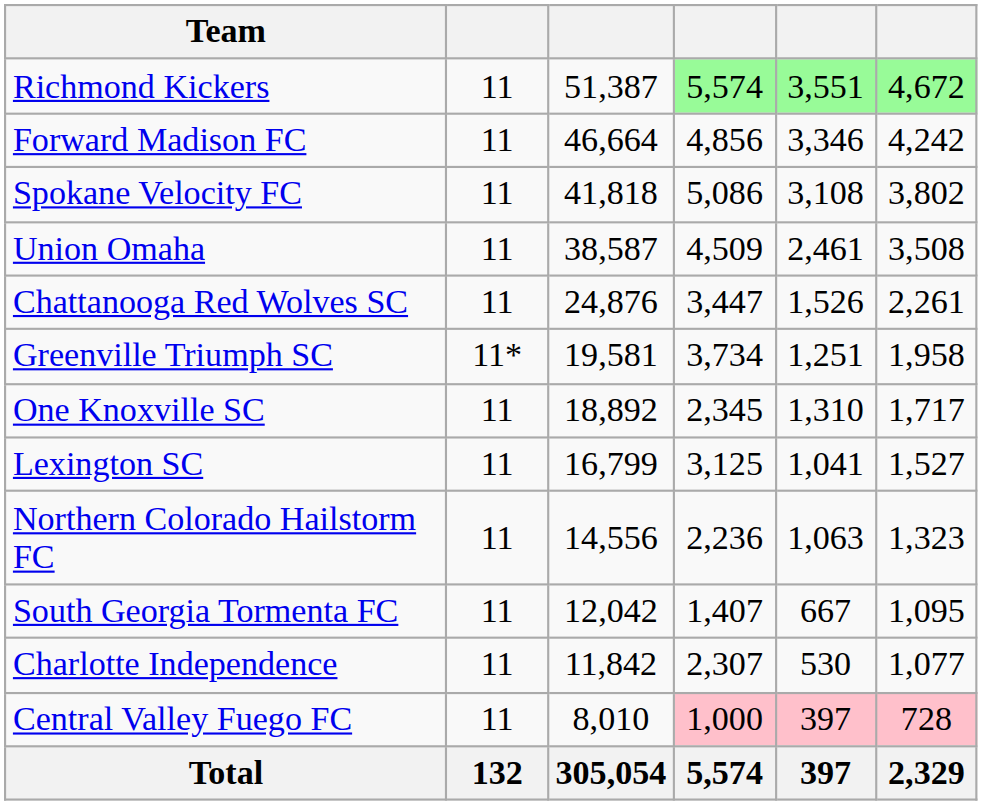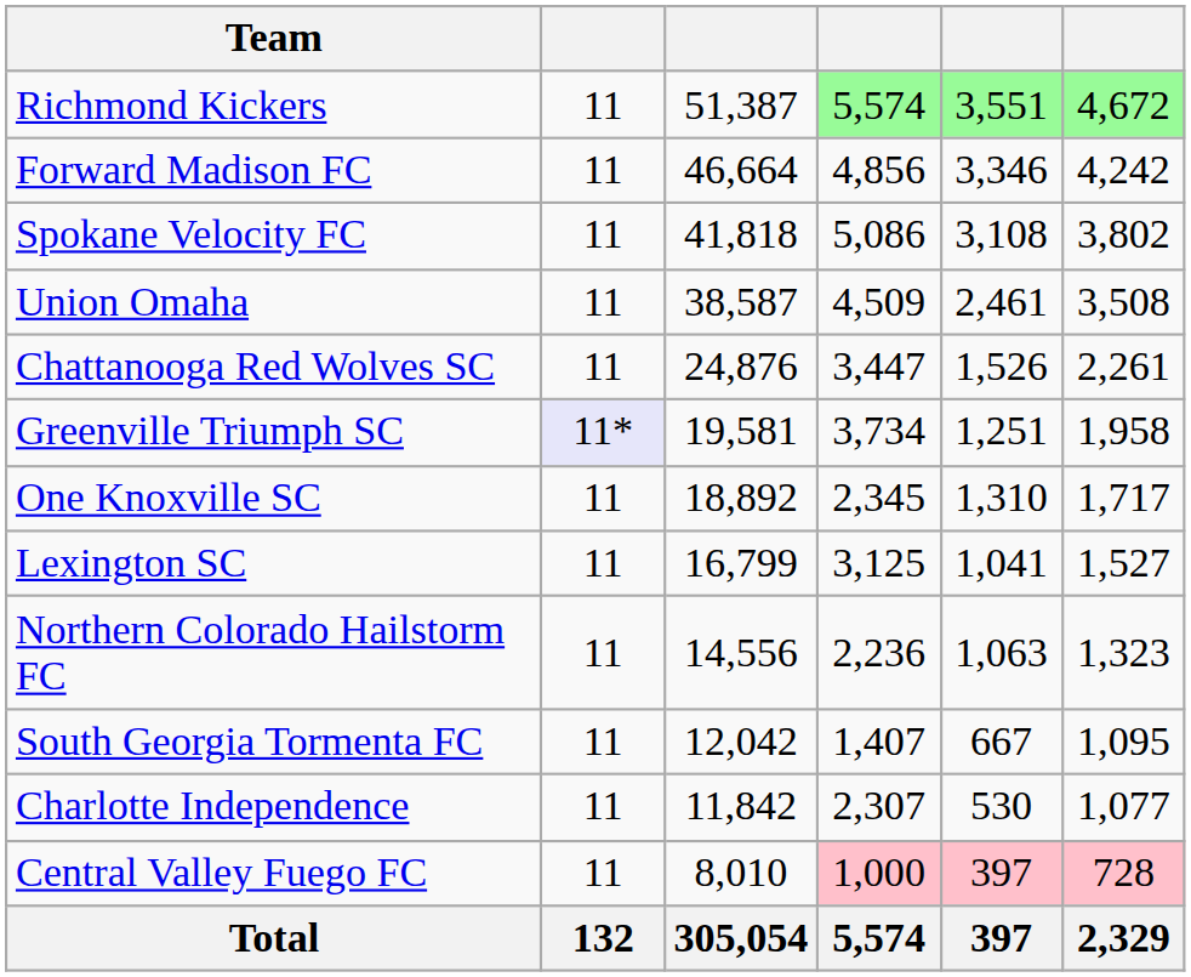 <table class="wikitable sortable">
 <tr>
 <th width=200>Team</th>
 <th width=40></th>
 <th width=40></th>
 <th width=40></th>
 <th width=40></th>
 <th width=40></th>
 </tr>
 <tr align=center>
 <td align=left><a href='#'>Richmond Kickers</a></td>
 <td>11</td>
 <td>51,387</td>
 <td bgcolor="#98fb98">5,574</td>
 <td bgcolor="#98fb98">3,551</td>
 <td bgcolor="#98fb98">4,672</td>
 </tr>
 <tr align=center>
 <td align=left><a href='#'>Forward Madison FC</a></td>
 <td>11</td>
 <td>46,664</td>
 <td>4,856</td>
 <td>3,346</td>
 <td>4,242</td>
 </tr>
 <tr align=center>
 <td align=left><a href='#'>Spokane Velocity FC</a></td>
 <td>11</td>
 <td>41,818</td>
 <td>5,086</td>
 <td>3,108</td>
 <td>3,802</td>
 </tr>
 <tr align=center>
 <td align=left><a href='#'>Union Omaha</a></td>
 <td>11</td>
 <td>38,587</td>
 <td>4,509</td>
 <td>2,461</td>
 <td>3,508</td>
 </tr>
 <tr align=center>
 <td align=left><a href='#'>Chattanooga Red Wolves SC</a></td>
 <td>11</td>
 <td>24,876</td>
 <td>3,447</td>
 <td>1,526</td>
 <td>2,261</td>
 </tr>
 <tr align=center>
 <td align=left><a href='#'>Greenville Triumph SC</a></td>
-<td>11*</td>
+<td style="background: lavender;">11*</td>
 <td>19,581</td>
 <td>3,734</td>
 <td>1,251</td>
 <td>1,958</td>
 </tr>
 <tr align=center>
 <td align=left><a href='#'>One Knoxville SC</a></td>
 <td>11</td>
 <td>18,892</td>
 <td>2,345</td>
 <td>1,310</td>
 <td>1,717</td>
 </tr>
 <tr align=center>
 <td align=left><a href='#'>Lexington SC</a></td>
 <td>11</td>
 <td>16,799</td>
 <td>3,125</td>
 <td>1,041</td>
 <td>1,527</td>
 </tr>
 <tr align=center>
 <td align=left><a href='#'>Northern Colorado Hailstorm FC</a></td>
 <td>11</td>
 <td>14,556</td>
 <td>2,236</td>
 <td>1,063</td>
 <td>1,323</td>
 </tr>
 <tr align=center>
 <td align=left><a href='#'>South Georgia Tormenta FC</a></td>
 <td>11</td>
 <td>12,042</td>
 <td>1,407</td>
 <td>667</td>
 <td>1,095</td>
 </tr>
 <tr align=center>
 <td align=left><a href='#'>Charlotte Independence</a></td>
 <td>11</td>
 <td>11,842</td>
 <td>2,307</td>
 <td>530</td>
 <td>1,077</td>
 </tr>
 <tr align=center>
 <td align=left><a href='#'>Central Valley Fuego FC</a></td>
 <td>11</td>
 <td>8,010</td>
 <td bgcolor="#ffc0cb">1,000</td>
 <td bgcolor="#ffc0cb">397</td>
 <td bgcolor="#ffc0cb">728</td>
 </tr>
 <tr align=center>
 <th align=left>Total</th>
 <th>132</th>
 <th>305,054</th>
 <th>5,574</th>
 <th>397</th>
 <th>2,329</th>
 </tr>
 </table>
